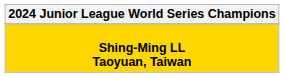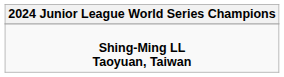 <table class="wikitable" style="text-align: center; margin: 0 auto;">
 <tr>
 <th>2024 Junior League World Series Champions</th>
 </tr>
 <tr>
 </tr>
 <tr>
-<td style="background: gold;"><br><strong>Shing-Ming LL</strong><br><strong>Taoyuan, Taiwan</strong></td>
+<td><br><strong>Shing-Ming LL</strong><br><strong>Taoyuan, Taiwan</strong></td>
 </tr>
 </table>
